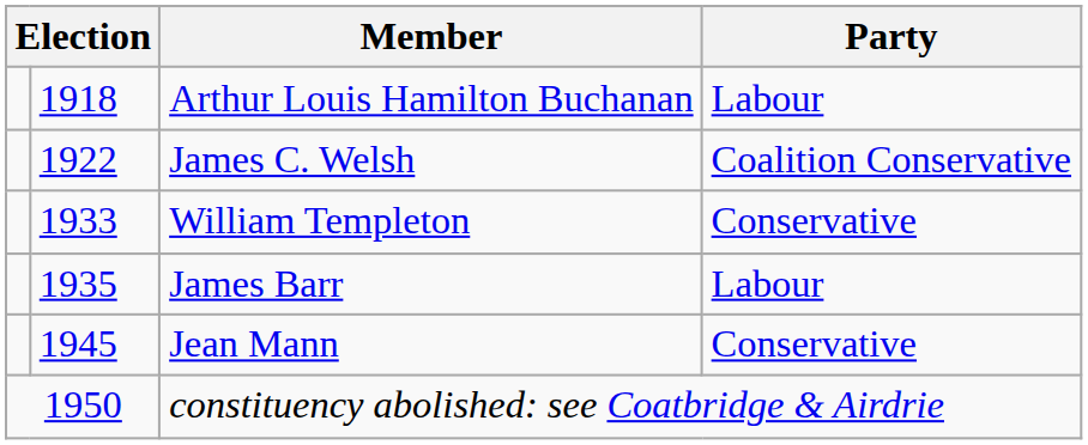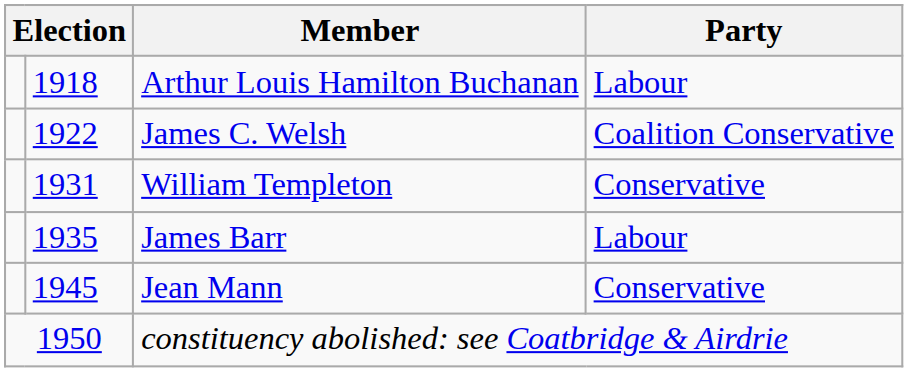 <table class="wikitable">
 <tr>
 <th colspan="2">Election</th>
 <th>Member</th>
 <th>Party</th>
 </tr>
 <tr>
 <td style="color:inherit;background-color: "></td>
 <td><a href='#'>1918</a></td>
 <td><a href='#'>Arthur Louis Hamilton Buchanan</a></td>
 <td><a href='#'>Labour</a></td>
 </tr>
 <tr>
 <td style="color:inherit;background-color: "></td>
 <td><a href='#'>1922</a></td>
 <td><a href='#'>James C. Welsh</a></td>
 <td><a href='#'>Coalition Conservative</a></td>
 </tr>
 <tr>
 <td style="color:inherit;background-color: "></td>
-<td><a href='#'>1933</a></td>
+<td><a href='#'>1931</a></td>
 <td><a href='#'>William Templeton</a></td>
 <td><a href='#'>Conservative</a></td>
 </tr>
 <tr>
 <td style="color:inherit;background-color: "></td>
 <td><a href='#'>1935</a></td>
 <td><a href='#'>James Barr</a></td>
 <td><a href='#'>Labour</a></td>
 </tr>
 <tr>
 <td style="color:inherit;background-color: "></td>
 <td><a href='#'>1945</a></td>
 <td><a href='#'>Jean Mann</a></td>
 <td><a href='#'>Conservative</a></td>
 </tr>
 <tr>
 <td colspan="2" align="center"><a href='#'>1950</a></td>
 <td colspan="2"><em>constituency abolished: see <a href='#'>Coatbridge & Airdrie</a></em></td>
 </tr>
 </table>
